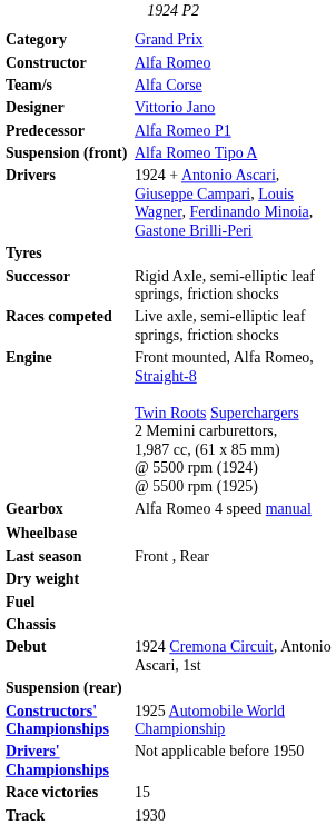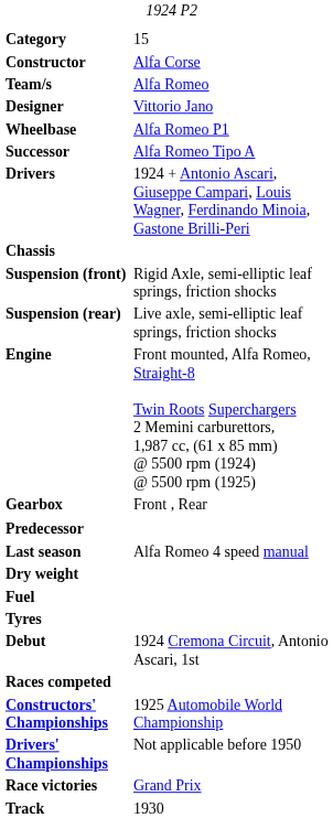 <table class="toccolours" style="float:right; margin-left:1em; width:22em; font-size:90%; text-align:left;">
 <tr style="vertical-align: top;">
 <td colspan="2" style="text-align:center;"><br><em>1924 P2</em></td>
 </tr>
 <tr style="vertical-align: top;">
 <td colspan="2" style="text-align:center;"></td>
 </tr>
 <tr style="vertical-align: top;">
 </tr>
 <tr style="vertical-align: top;">
 <th>Category</th>
-<td><a href='#'>Grand Prix</a></td>
+<td>15</td>
 </tr>
 <tr style="vertical-align: top;">
 <th>Constructor</th>
-<td><a href='#'>Alfa Romeo</a></td>
+<td><a href='#'>Alfa Corse</a></td>
 </tr>
 <tr style="vertical-align: top;">
 <th>Team/s</th>
-<td><a href='#'>Alfa Corse</a></td>
+<td><a href='#'>Alfa Romeo</a></td>
 </tr>
 <tr style="vertical-align: top;">
 <th>Designer</th>
 <td><a href='#'>Vittorio Jano</a></td>
 </tr>
 <tr style="vertical-align: top;">
-<th>Predecessor</th>
+<th>Wheelbase</th>
 <td><a href='#'>Alfa Romeo P1</a></td>
 </tr>
 <tr style="vertical-align: top;">
-<th>Suspension (front)</th>
+<th>Successor</th>
 <td><a href='#'>Alfa Romeo Tipo A</a></td>
 </tr>
 <tr style="vertical-align: top;">
 <th>Drivers</th>
 <td>1924 + <a href='#'>Antonio Ascari</a>,  <a href='#'>Giuseppe Campari</a>, <a href='#'>Louis Wagner</a>, <a href='#'>Ferdinando Minoia</a>, <a href='#'>Gastone Brilli-Peri</a></td>
 </tr>
 <tr style="vertical-align: top;">
-<th>Tyres</th>
+<th>Chassis</th>
 <td></td>
 </tr>
 <tr style="vertical-align: top;">
-<th>Successor</th>
+<th>Suspension (front)</th>
 <td>Rigid Axle, semi-elliptic leaf springs, friction shocks</td>
 </tr>
 <tr style="vertical-align: top;">
-<th>Races competed</th>
+<th>Suspension (rear)</th>
 <td>Live axle, semi-elliptic leaf springs, friction shocks</td>
 </tr>
 <tr style="vertical-align: top;">
 <th>Engine</th>
 <td>Front mounted, Alfa Romeo,<br><a href='#'>Straight-8</a><br><br><a href='#'>Twin Roots</a> <a href='#'>Superchargers</a><br> 2 Memini carburettors, <br> 1,987 cc, (61 x 85 mm) <br> @ 5500 rpm (1924)<br> @ 5500 rpm (1925)</td>
 </tr>
 <tr style="vertical-align: top;">
 <th>Gearbox</th>
-<td>Alfa Romeo 4 speed <a href='#'>manual</a></td>
+<td>Front , Rear </td>
 </tr>
 <tr style="vertical-align: top;">
 </tr>
 <tr style="vertical-align: top;">
-<th>Wheelbase</th>
+<th>Predecessor</th>
 <td></td>
 </tr>
 <tr style="vertical-align: top;">
 <th>Last season</th>
-<td>Front , Rear </td>
+<td>Alfa Romeo 4 speed <a href='#'>manual</a></td>
 </tr>
 <tr style="vertical-align: top;">
 <th>Dry weight</th>
 <td></td>
 </tr>
 <tr style="vertical-align: top;">
 <th>Fuel</th>
 <td></td>
 </tr>
 <tr style="vertical-align: top;">
-<th>Chassis</th>
+<th>Tyres</th>
 <td></td>
 </tr>
 <tr style="vertical-align: top;">
 <th>Debut</th>
 <td>1924 <a href='#'>Cremona Circuit</a>, Antonio Ascari, 1st</td>
 </tr>
 <tr style="vertical-align: top;">
-<th>Suspension (rear)</th>
+<th>Races competed</th>
 <td></td>
 </tr>
 <tr style="vertical-align: top;">
 <th><a href='#'>Constructors' Championships</a></th>
 <td>1925 <a href='#'>Automobile World Championship</a></td>
 </tr>
 <tr style="vertical-align: top;">
 <th><a href='#'>Drivers' Championships</a></th>
 <td>Not applicable before 1950</td>
 </tr>
 <tr style="vertical-align: top;">
 <th>Race victories</th>
-<td>15</td>
+<td><a href='#'>Grand Prix</a></td>
 </tr>
 <tr style="vertical-align: top;">
 <th>Track</th>
 <td>1930</td>
 </tr>
 </table>
